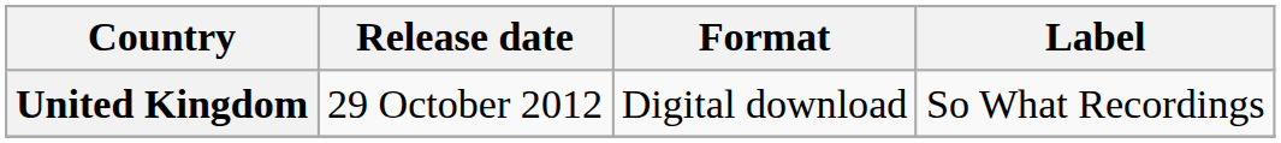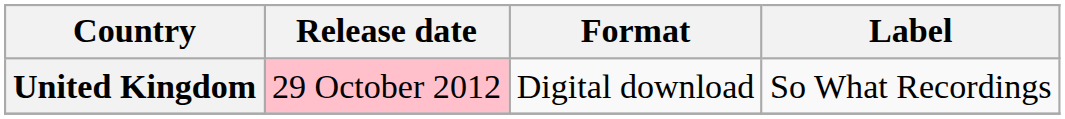 <table class="wikitable plainrowheaders">
 <tr>
 <th scope="col">Country</th>
 <th scope="col">Release date</th>
 <th scope="col">Format</th>
 <th scope="col">Label</th>
 </tr>
 <tr>
 <th scope="row">United Kingdom</th>
-<td>29 October 2012</td>
+<td style="background: pink;">29 October 2012</td>
 <td>Digital download</td>
 <td>So What Recordings</td>
 </tr>
 <tr>
 </tr>
 </table>
